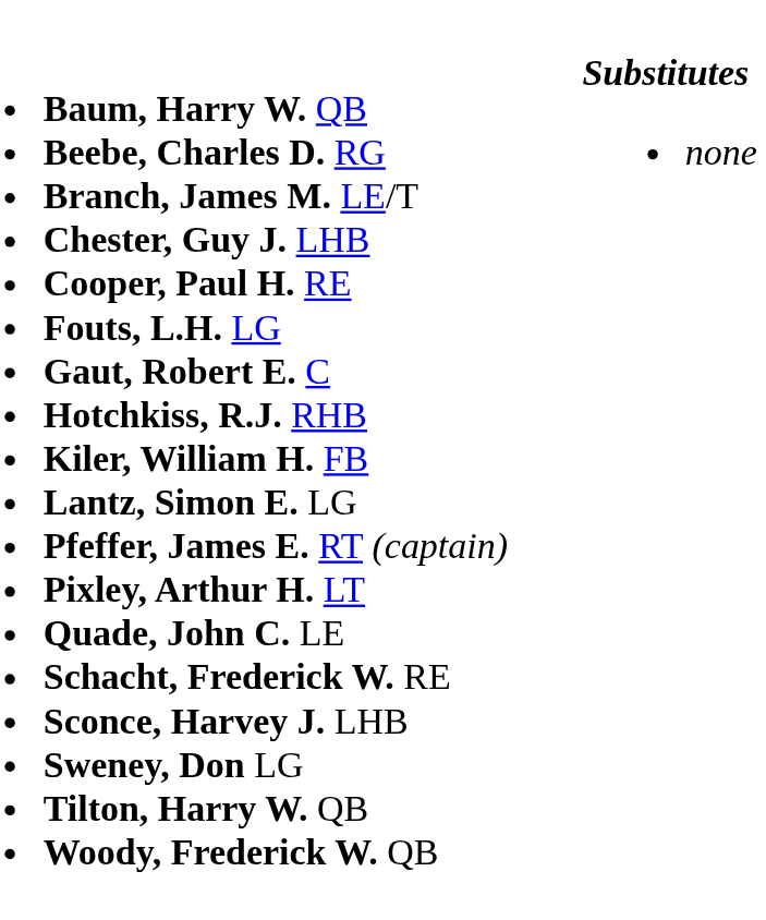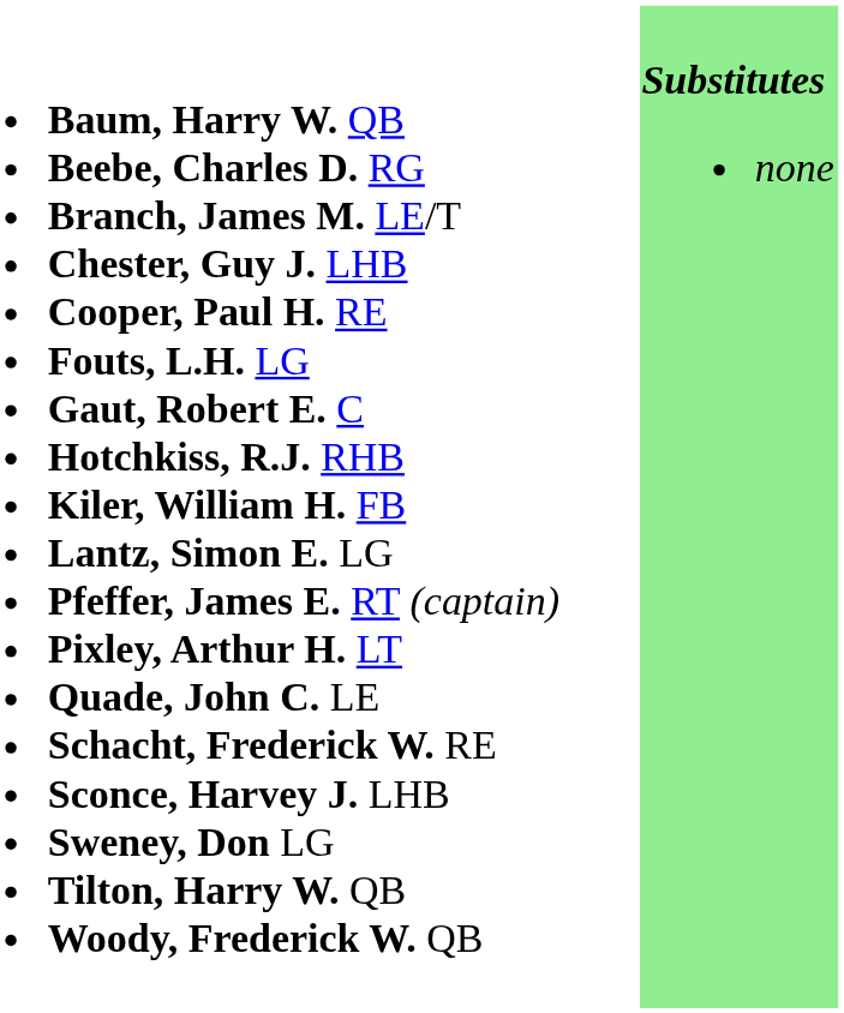 <table class="toccolours" style="border-collapse:collapse; font-size:90%;">
 <tr>
 <td colspan="7" align="center"></td>
 </tr>
 <tr>
 <td valign="top"><br><ul><li><strong>Baum, Harry W. </strong> <a href='#'>QB</a></li><li><strong>Beebe, Charles D. </strong> <a href='#'>RG</a></li><li><strong>Branch, James M. </strong> <a href='#'>LE</a>/T</li><li><strong>Chester, Guy J. </strong> <a href='#'>LHB</a></li><li><strong>Cooper, Paul H. </strong> <a href='#'>RE</a></li><li><strong>Fouts, L.H. </strong> <a href='#'>LG</a></li><li><strong>Gaut, Robert E.</strong> <a href='#'>C</a></li><li><strong>Hotchkiss, R.J. </strong> <a href='#'>RHB</a></li><li><strong>Kiler, William H. </strong> <a href='#'>FB</a></li><li><strong>Lantz, Simon E.</strong> LG</li><li><strong>Pfeffer, James E.</strong> <a href='#'>RT</a>  <em> (captain)</em></li><li><strong>Pixley, Arthur H. </strong> <a href='#'>LT</a></li><li><strong>Quade, John C. </strong> LE</li><li><strong>Schacht, Frederick W. </strong> RE</li><li><strong>Sconce, Harvey J. </strong> LHB</li><li><strong>Sweney, Don </strong> LG</li><li><strong>Tilton, Harry W. </strong> QB</li><li><strong>Woody, Frederick W. </strong> QB</li></ul></td>
 <td width="25"> </td>
-<td valign="top"><br><strong><em>Substitutes</em></strong><ul><li><em>none</em></li></ul></td>
+<td valign="top" style="background: lightgreen;"><br><strong><em>Substitutes</em></strong><ul><li><em>none</em></li></ul></td>
 </tr>
 </table>
